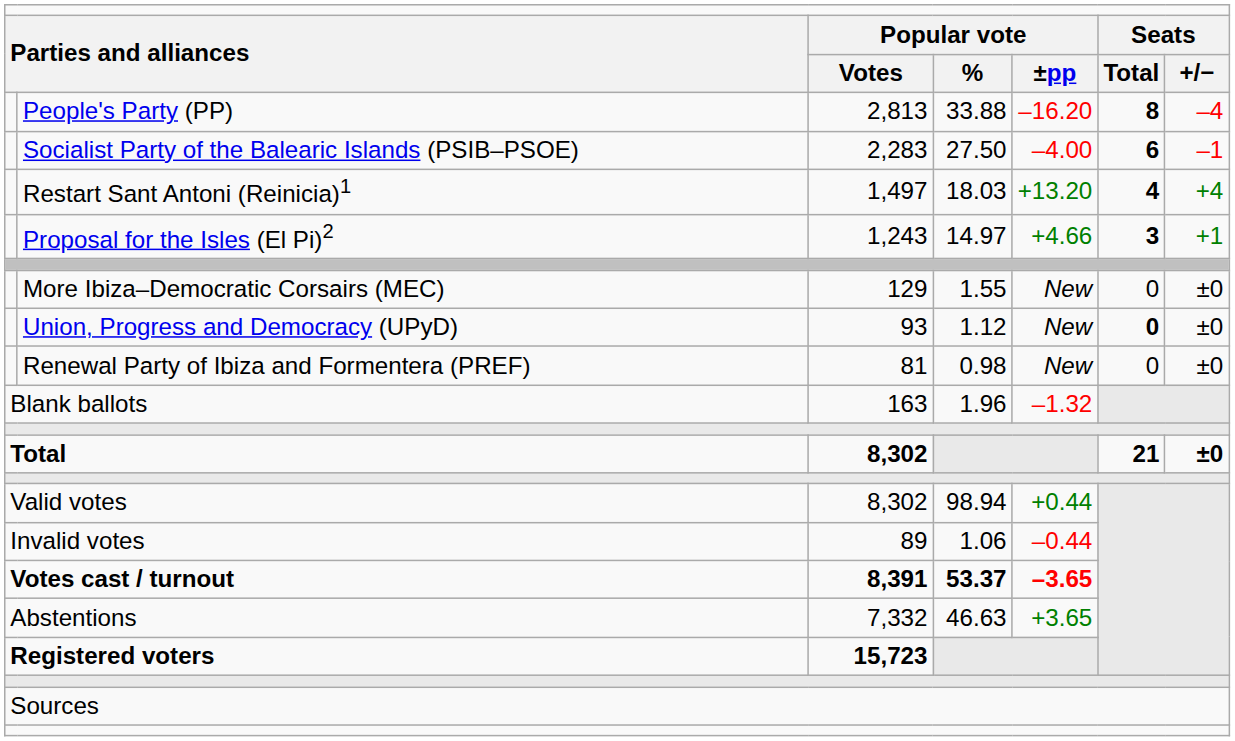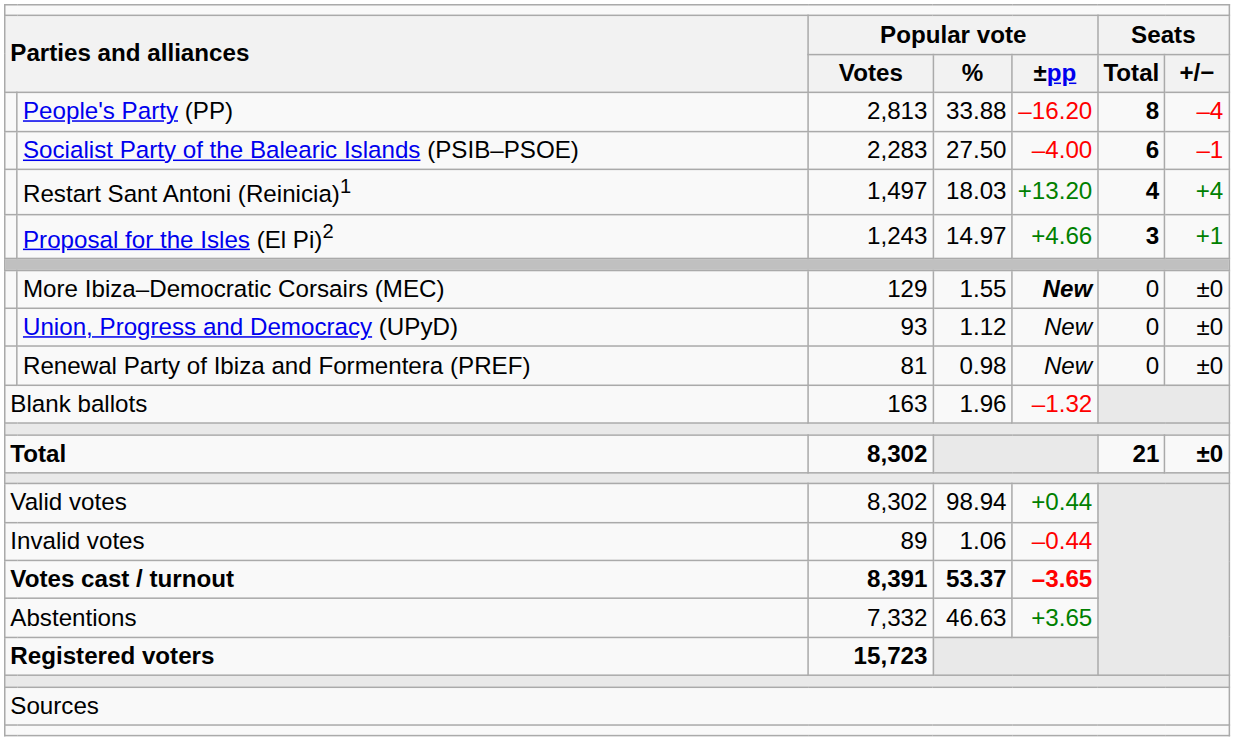 <table class="wikitable" style="text-align:right;">
 <tr>
 <td colspan="7"></td>
 </tr>
 <tr>
 <th style="text-align:left;" rowspan="2" colspan="2" width="525">Parties and alliances</th>
 <th colspan="3">Popular vote</th>
 <th colspan="2">Seats</th>
 </tr>
 <tr>
 <th width="75">Votes</th>
 <th width="45">%</th>
 <th width="45">±<a href='#'>pp</a></th>
 <th width="35">Total</th>
 <th width="35">+/−</th>
 </tr>
 <tr>
 <td width="1" style="color:inherit;background:"></td>
 <td align="left"><a href='#'>People's Party</a> (PP)</td>
 <td>2,813</td>
 <td>33.88</td>
 <td style="color:red;">–16.20</td>
 <td><strong>8</strong></td>
 <td style="color:red;">–4</td>
 </tr>
 <tr>
 <td style="color:inherit;background:"></td>
 <td align="left"><a href='#'>Socialist Party of the Balearic Islands</a> (PSIB–PSOE)</td>
 <td>2,283</td>
 <td>27.50</td>
 <td style="color:red;">–4.00</td>
 <td><strong>6</strong></td>
 <td style="color:red;">–1</td>
 </tr>
 <tr>
 <td style="color:inherit;background:"></td>
 <td align="left">Restart Sant Antoni (Reinicia)<sup>1</sup></td>
 <td>1,497</td>
 <td>18.03</td>
 <td style="color:green;">+13.20</td>
 <td><strong>4</strong></td>
 <td style="color:green;">+4</td>
 </tr>
 <tr>
 <td style="color:inherit;background:"></td>
 <td align="left"><a href='#'>Proposal for the Isles</a> (El Pi)<sup>2</sup></td>
 <td>1,243</td>
 <td>14.97</td>
 <td style="color:green;">+4.66</td>
 <td><strong>3</strong></td>
 <td style="color:green;">+1</td>
 </tr>
 <tr>
 <td colspan="7" bgcolor="#C0C0C0"></td>
 </tr>
 <tr>
 <td style="color:inherit;background:"></td>
 <td align="left">More Ibiza–Democratic Corsairs (MEC)</td>
 <td>129</td>
 <td>1.55</td>
-<td><em>New</em></td>
+<td><strong><em>New</em></strong></td>
 <td>0</td>
 <td>±0</td>
 </tr>
 <tr>
 <td style="color:inherit;background:"></td>
 <td align="left"><a href='#'>Union, Progress and Democracy</a> (UPyD)</td>
 <td>93</td>
 <td>1.12</td>
 <td><em>New</em></td>
-<td><strong>0</strong></td>
+<td>0</td>
 <td>±0</td>
 </tr>
 <tr>
 <td style="color:inherit;background:"></td>
 <td align="left">Renewal Party of Ibiza and Formentera (PREF)</td>
 <td>81</td>
 <td>0.98</td>
 <td><em>New</em></td>
 <td>0</td>
 <td>±0</td>
 </tr>
 <tr>
 <td align="left" colspan="2">Blank ballots</td>
 <td>163</td>
 <td>1.96</td>
 <td style="color:red;">–1.32</td>
 <td bgcolor="#E9E9E9" colspan="2"></td>
 </tr>
 <tr>
 <td colspan="7" bgcolor="#E9E9E9"></td>
 </tr>
 <tr style="font-weight:bold;">
 <td align="left" colspan="2">Total</td>
 <td>8,302</td>
 <td bgcolor="#E9E9E9" colspan="2"></td>
 <td>21</td>
 <td>±0</td>
 </tr>
 <tr>
 <td colspan="7" bgcolor="#E9E9E9"></td>
 </tr>
 <tr>
 <td align="left" colspan="2">Valid votes</td>
 <td>8,302</td>
 <td>98.94</td>
 <td style="color:green;">+0.44</td>
 <td bgcolor="#E9E9E9" colspan="2" rowspan="5"></td>
 </tr>
 <tr>
 <td align="left" colspan="2">Invalid votes</td>
 <td>89</td>
 <td>1.06</td>
 <td style="color:red;">–0.44</td>
 </tr>
 <tr style="font-weight:bold;">
 <td align="left" colspan="2">Votes cast / turnout</td>
 <td>8,391</td>
 <td>53.37</td>
 <td style="color:red;">–3.65</td>
 </tr>
 <tr>
 <td align="left" colspan="2">Abstentions</td>
 <td>7,332</td>
 <td>46.63</td>
 <td style="color:green;">+3.65</td>
 </tr>
 <tr style="font-weight:bold;">
 <td align="left" colspan="2">Registered voters</td>
 <td>15,723</td>
 <td bgcolor="#E9E9E9" colspan="2"></td>
 </tr>
 <tr>
 <td colspan="7" bgcolor="#E9E9E9"></td>
 </tr>
 <tr>
 <td align="left" colspan="7">Sources</td>
 </tr>
 <tr>
 <td colspan="7" style="text-align:left; max-width:790px;"></td>
 </tr>
 </table>
